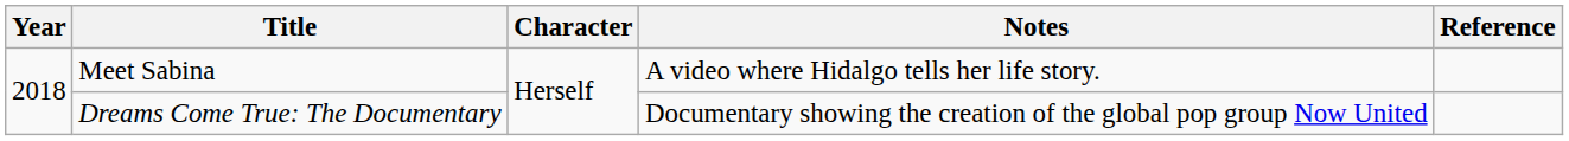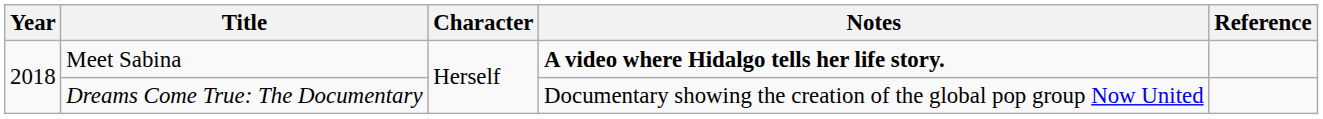 <table class="wikitable">
 <tr>
 <th>Year</th>
 <th>Title</th>
 <th>Character</th>
 <th>Notes</th>
 <th>Reference</th>
 </tr>
 <tr>
 <td rowspan="2">2018</td>
 <td>Meet Sabina</td>
 <td rowspan="2">Herself</td>
-<td>A video where Hidalgo tells her life story.</td>
+<td><strong>A video where Hidalgo tells her life story.</strong></td>
 <td></td>
 </tr>
 <tr>
 <td><em>Dreams Come True: The Documentary</em></td>
 <td>Documentary showing the creation of the global pop group <a href='#'>Now United</a></td>
 <td></td>
 </tr>
 </table>
